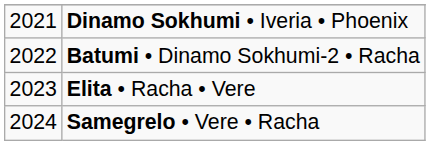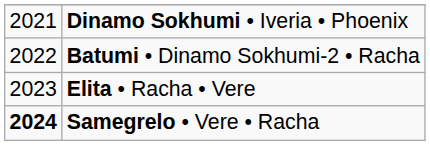 <table class="wikitable">
 <tr>
 </tr>
 <tr>
 <td>2021</td>
 <td><strong>Dinamo Sokhumi</strong> • Iveria • Phoenix</td>
 </tr>
 <tr>
 <td>2022</td>
 <td><strong>Batumi</strong> • Dinamo Sokhumi-2 • Racha</td>
 </tr>
 <tr>
 <td>2023</td>
 <td><strong>Elita</strong> • Racha • Vere</td>
 </tr>
 <tr>
-<td>2024</td>
+<td><strong>2024</strong></td>
 <td><strong>Samegrelo</strong> • Vere • Racha</td>
 </tr>
 </table>
